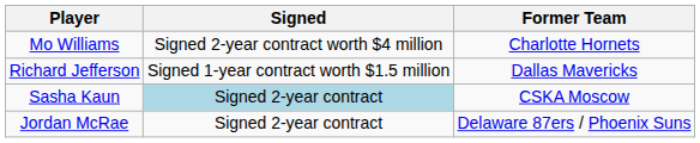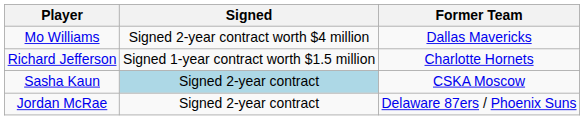 <table class="wikitable sortable sortable">
 <tr>
 <th>Player</th>
 <th>Signed</th>
 <th>Former Team</th>
 </tr>
 <tr style="text-align: center">
 <td><a href='#'>Mo Williams</a></td>
 <td>Signed 2-year contract worth $4 million</td>
-<td><a href='#'>Charlotte Hornets</a></td>
+<td><a href='#'>Dallas Mavericks</a></td>
 </tr>
 <tr style="text-align: center">
 <td><a href='#'>Richard Jefferson</a></td>
 <td>Signed 1-year contract worth $1.5 million</td>
-<td><a href='#'>Dallas Mavericks</a></td>
+<td><a href='#'>Charlotte Hornets</a></td>
 </tr>
 <tr style="text-align: center">
 <td><a href='#'>Sasha Kaun</a></td>
 <td style="background: lightblue;">Signed 2-year contract</td>
 <td><a href='#'>CSKA Moscow</a></td>
 </tr>
 <tr style="text-align: center">
 <td><a href='#'>Jordan McRae</a></td>
 <td>Signed 2-year contract</td>
 <td><a href='#'>Delaware 87ers</a> / <a href='#'>Phoenix Suns</a></td>
 </tr>
 </table>
